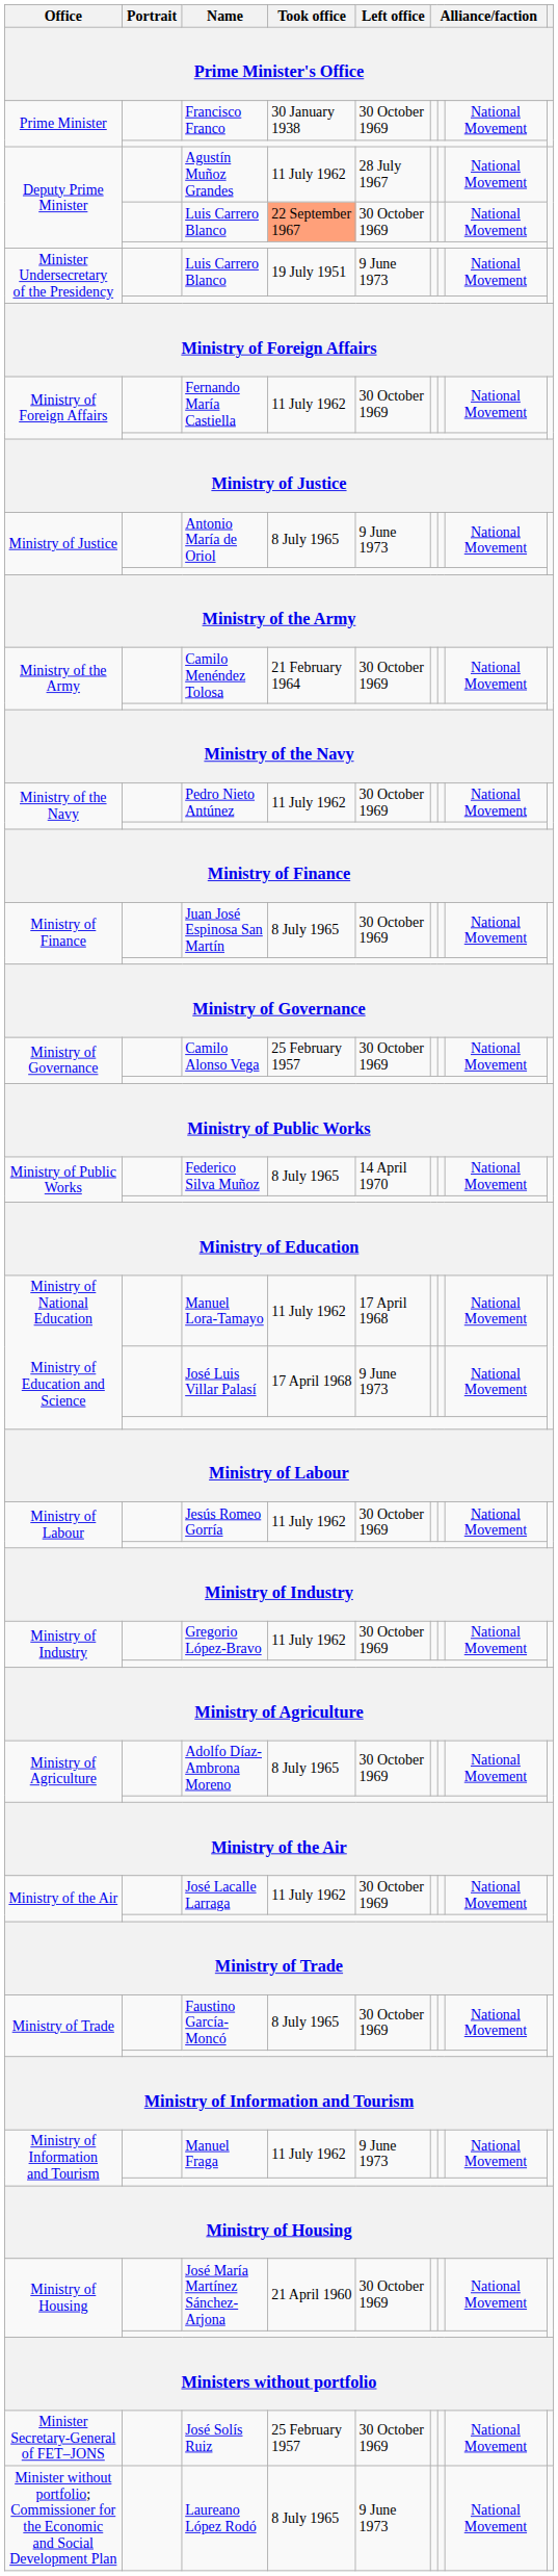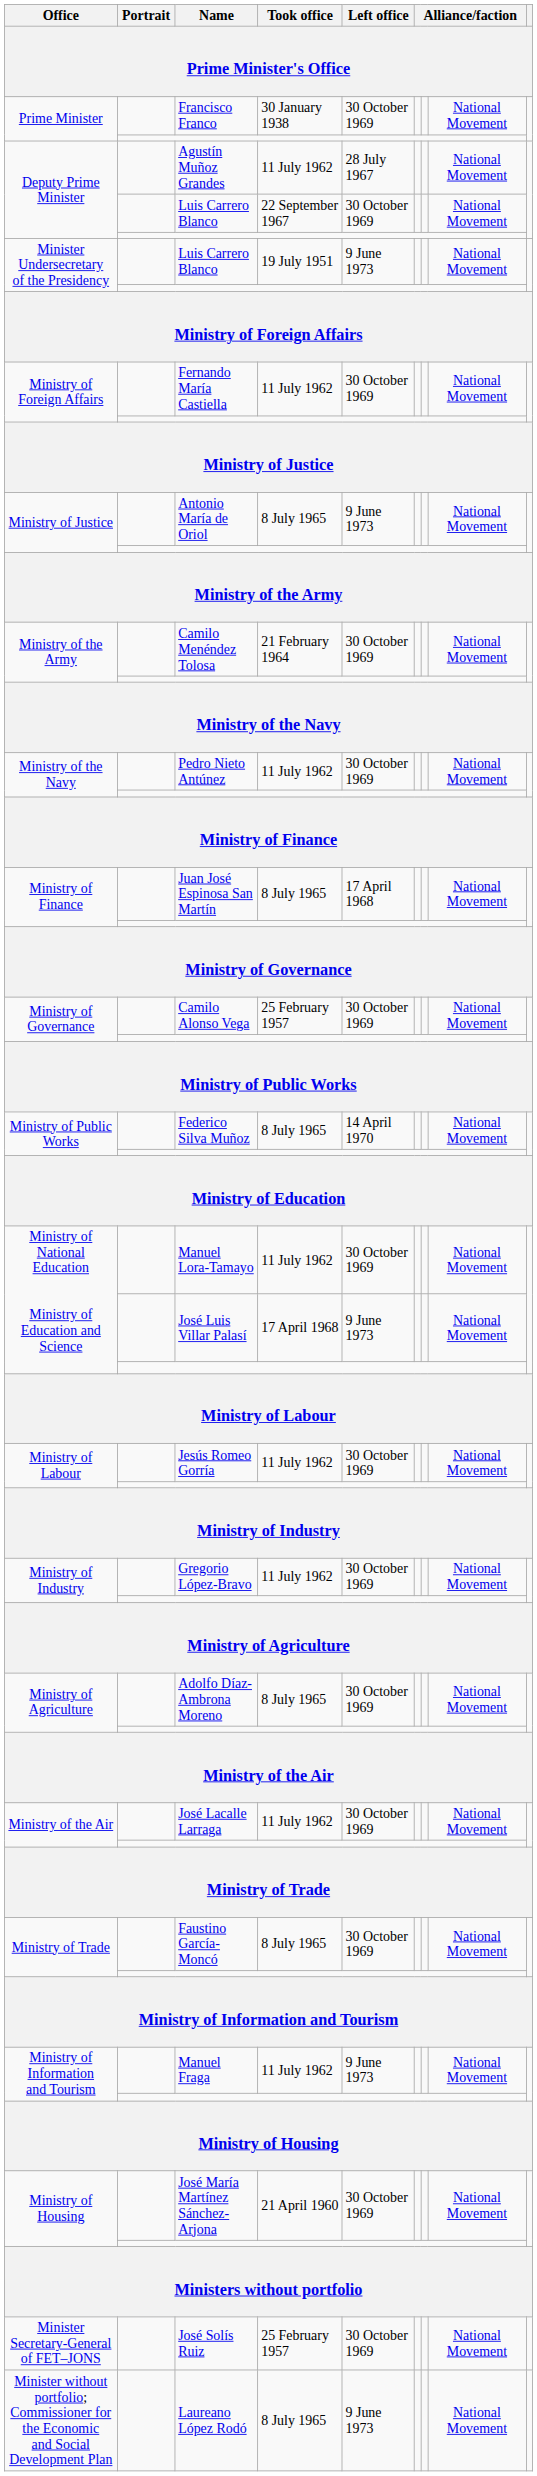 <table class="wikitable" style="line-height:18px;">
 <tr>
 <th scope="col">Office<br></th>
 <th scope="col">Portrait</th>
 <th scope="col">Name</th>
 <th scope="col">Took office</th>
 <th scope="col">Left office</th>
 <th colspan="3" scope="col">Alliance/faction</th>
 <th></th>
 </tr>
 <tr>
 <th colspan="9"><br><h3><a href='#'>Prime Minister's Office</a></h3></th>
 </tr>
 <tr>
 <td align="center" rowspan="2" width="250"><a href='#'>Prime Minister</a><br></td>
 <td width="80"></td>
 <td width="200"><a href='#'>Francisco Franco</a></td>
 <td width="200">30 January 1938</td>
 <td>30 October 1969</td>
 <td width="1" style="background-color:"></td>
 <td width="1" style="background-color:"></td>
 <td width="175" align="center"><a href='#'>National Movement</a><br></td>
 <td align="center" rowspan="2"></td>
 </tr>
 <tr>
 <td colspan="7"></td>
 </tr>
 <tr>
 <td align="center" rowspan="3"><a href='#'>Deputy Prime Minister</a><br></td>
 <td></td>
 <td><a href='#'>Agustín Muñoz Grandes</a></td>
 <td>11 July 1962</td>
 <td>28 July 1967</td>
 <td style="background-color:"></td>
 <td style="background-color:"></td>
 <td align="center"><a href='#'>National Movement</a><br></td>
 <td align="center" rowspan="3"></td>
 </tr>
 <tr>
 <td></td>
 <td><a href='#'>Luis Carrero Blanco</a></td>
-<td style="background: lightsalmon;">22 September 1967</td>
+<td>22 September 1967</td>
 <td>30 October 1969</td>
 <td style="background-color:"></td>
 <td style="background-color:"></td>
 <td align="center"><a href='#'>National Movement</a><br></td>
 </tr>
 <tr>
 <td colspan="7"></td>
 </tr>
 <tr>
 <td align="center" rowspan="2"><a href='#'>Minister Undersecretary<br>of the Presidency</a><br></td>
 <td></td>
 <td><a href='#'>Luis Carrero Blanco</a></td>
 <td>19 July 1951</td>
 <td>9 June 1973</td>
 <td style="background-color:"></td>
 <td style="background-color:"></td>
 <td align="center"><a href='#'>National Movement</a><br></td>
 <td align="center" rowspan="2"></td>
 </tr>
 <tr>
 <td colspan="7"></td>
 </tr>
 <tr>
 <th colspan="9"><br><h3><a href='#'>Ministry of Foreign Affairs</a></h3></th>
 </tr>
 <tr>
 <td align="center" rowspan="2"><a href='#'>Ministry of Foreign Affairs</a><br></td>
 <td></td>
 <td><a href='#'>Fernando María Castiella</a></td>
 <td>11 July 1962</td>
 <td>30 October 1969</td>
 <td style="background-color:"></td>
 <td style="background-color:"></td>
 <td align="center"><a href='#'>National Movement</a><br></td>
 <td align="center" rowspan="2"><br></td>
 </tr>
 <tr>
 <td colspan="7"></td>
 </tr>
 <tr>
 <th colspan="9"><br><h3><a href='#'>Ministry of Justice</a></h3></th>
 </tr>
 <tr>
 <td align="center" rowspan="2"><a href='#'>Ministry of Justice</a><br></td>
 <td></td>
 <td><a href='#'>Antonio María de Oriol</a></td>
 <td>8 July 1965</td>
 <td>9 June 1973</td>
 <td style="background-color:"></td>
 <td style="background-color:"></td>
 <td align="center"><a href='#'>National Movement</a><br></td>
 <td align="center" rowspan="2"></td>
 </tr>
 <tr>
 <td colspan="7"></td>
 </tr>
 <tr>
 <th colspan="9"><br><h3><a href='#'>Ministry of the Army</a></h3></th>
 </tr>
 <tr>
 <td align="center" rowspan="2"><a href='#'>Ministry of the Army</a><br></td>
 <td></td>
 <td><a href='#'>Camilo Menéndez Tolosa</a></td>
 <td>21 February 1964</td>
 <td>30 October 1969</td>
 <td style="background-color:"></td>
 <td style="background-color:"></td>
 <td align="center"><a href='#'>National Movement</a><br></td>
 <td align="center" rowspan="2"></td>
 </tr>
 <tr>
 <td colspan="7"></td>
 </tr>
 <tr>
 <th colspan="9"><br><h3><a href='#'>Ministry of the Navy</a></h3></th>
 </tr>
 <tr>
 <td align="center" rowspan="2"><a href='#'>Ministry of the Navy</a><br></td>
 <td></td>
 <td><a href='#'>Pedro Nieto Antúnez</a></td>
 <td>11 July 1962</td>
 <td>30 October 1969</td>
 <td style="background-color:"></td>
 <td style="background-color:"></td>
 <td align="center"><a href='#'>National Movement</a><br></td>
 <td align="center" rowspan="2"></td>
 </tr>
 <tr>
 <td colspan="7"></td>
 </tr>
 <tr>
 <th colspan="9"><br><h3><a href='#'>Ministry of Finance</a></h3></th>
 </tr>
 <tr>
 <td align="center" rowspan="2"><a href='#'>Ministry of Finance</a><br></td>
 <td></td>
 <td><a href='#'>Juan José Espinosa San Martín</a></td>
 <td>8 July 1965</td>
-<td>30 October 1969</td>
+<td>17 April 1968</td>
 <td style="background-color:"></td>
 <td style="background-color:"></td>
 <td align="center"><a href='#'>National Movement</a><br></td>
 <td align="center" rowspan="2"><br></td>
 </tr>
 <tr>
 <td colspan="7"></td>
 </tr>
 <tr>
 <th colspan="9"><br><h3><a href='#'>Ministry of Governance</a></h3></th>
 </tr>
 <tr>
 <td align="center" rowspan="2"><a href='#'>Ministry of Governance</a><br></td>
 <td></td>
 <td><a href='#'>Camilo Alonso Vega</a></td>
 <td>25 February 1957</td>
 <td>30 October 1969</td>
 <td style="background-color:"></td>
 <td style="background-color:"></td>
 <td align="center"><a href='#'>National Movement</a><br></td>
 <td align="center" rowspan="2"></td>
 </tr>
 <tr>
 <td colspan="7"></td>
 </tr>
 <tr>
 <th colspan="9"><br><h3><a href='#'>Ministry of Public Works</a></h3></th>
 </tr>
 <tr>
 <td align="center" rowspan="2"><a href='#'>Ministry of Public Works</a><br></td>
 <td></td>
 <td><a href='#'>Federico Silva Muñoz</a></td>
 <td>8 July 1965</td>
 <td>14 April 1970</td>
 <td style="background-color:"></td>
 <td style="background-color:"></td>
 <td align="center"><a href='#'>National Movement</a><br></td>
 <td align="center" rowspan="2"></td>
 </tr>
 <tr>
 <td colspan="7"></td>
 </tr>
 <tr>
 <th colspan="9"><br><h3><a href='#'>Ministry of Education</a></h3></th>
 </tr>
 <tr>
 <td align="center" rowspan="3"><a href='#'>Ministry of National Education</a><br><br><br><a href='#'>Ministry of Education and Science</a><br><br></td>
 <td></td>
 <td><a href='#'>Manuel Lora-Tamayo</a></td>
 <td>11 July 1962</td>
-<td>17 April 1968</td>
+<td>30 October 1969</td>
 <td style="background-color:"></td>
 <td style="background-color:"></td>
 <td align="center"><a href='#'>National Movement</a><br></td>
 <td align="center" rowspan="3"><br></td>
 </tr>
 <tr>
 <td></td>
 <td><a href='#'>José Luis Villar Palasí</a></td>
 <td>17 April 1968</td>
 <td>9 June 1973</td>
 <td style="background-color:"></td>
 <td style="background-color:"></td>
 <td align="center"><a href='#'>National Movement</a><br></td>
 </tr>
 <tr>
 <td colspan="7"></td>
 </tr>
 <tr>
 <th colspan="9"><br><h3><a href='#'>Ministry of Labour</a></h3></th>
 </tr>
 <tr>
 <td align="center" rowspan="2"><a href='#'>Ministry of Labour</a><br></td>
 <td></td>
 <td><a href='#'>Jesús Romeo Gorría</a></td>
 <td>11 July 1962</td>
 <td>30 October 1969</td>
 <td style="background-color:"></td>
 <td style="background-color:"></td>
 <td align="center"><a href='#'>National Movement</a><br></td>
 <td align="center" rowspan="2"></td>
 </tr>
 <tr>
 <td colspan="7"></td>
 </tr>
 <tr>
 <th colspan="9"><br><h3><a href='#'>Ministry of Industry</a></h3></th>
 </tr>
 <tr>
 <td align="center" rowspan="2"><a href='#'>Ministry of Industry</a><br></td>
 <td></td>
 <td><a href='#'>Gregorio López-Bravo</a></td>
 <td>11 July 1962</td>
 <td>30 October 1969</td>
 <td style="background-color:"></td>
 <td style="background-color:"></td>
 <td align="center"><a href='#'>National Movement</a><br></td>
 <td align="center" rowspan="2"><br></td>
 </tr>
 <tr>
 <td colspan="7"></td>
 </tr>
 <tr>
 <th colspan="9"><br><h3><a href='#'>Ministry of Agriculture</a></h3></th>
 </tr>
 <tr>
 <td align="center" rowspan="2"><a href='#'>Ministry of Agriculture</a><br></td>
 <td></td>
 <td><a href='#'>Adolfo Díaz-Ambrona Moreno</a></td>
 <td>8 July 1965</td>
 <td>30 October 1969</td>
 <td style="background-color:"></td>
 <td style="background-color:"></td>
 <td align="center"><a href='#'>National Movement</a><br></td>
 <td align="center" rowspan="2"></td>
 </tr>
 <tr>
 <td colspan="7"></td>
 </tr>
 <tr>
 <th colspan="9"><br><h3><a href='#'>Ministry of the Air</a></h3></th>
 </tr>
 <tr>
 <td align="center" rowspan="2"><a href='#'>Ministry of the Air</a><br></td>
 <td></td>
 <td><a href='#'>José Lacalle Larraga</a></td>
 <td>11 July 1962</td>
 <td>30 October 1969</td>
 <td style="background-color:"></td>
 <td style="background-color:"></td>
 <td align="center"><a href='#'>National Movement</a><br></td>
 <td align="center" rowspan="2"></td>
 </tr>
 <tr>
 <td colspan="7"></td>
 </tr>
 <tr>
 <th colspan="9"><br><h3><a href='#'>Ministry of Trade</a></h3></th>
 </tr>
 <tr>
 <td align="center" rowspan="2"><a href='#'>Ministry of Trade</a><br></td>
 <td></td>
 <td><a href='#'>Faustino García-Moncó</a></td>
 <td>8 July 1965</td>
 <td>30 October 1969</td>
 <td style="background-color:"></td>
 <td style="background-color:"></td>
 <td align="center"><a href='#'>National Movement</a><br></td>
 <td align="center" rowspan="2"></td>
 </tr>
 <tr>
 <td colspan="7"></td>
 </tr>
 <tr>
 <th colspan="9"><br><h3><a href='#'>Ministry of Information and Tourism</a></h3></th>
 </tr>
 <tr>
 <td align="center" rowspan="2"><a href='#'>Ministry of Information<br>and Tourism</a><br></td>
 <td></td>
 <td><a href='#'>Manuel Fraga</a></td>
 <td>11 July 1962</td>
 <td width="200">9 June 1973</td>
 <td style="background-color:"></td>
 <td style="background-color:"></td>
 <td align="center"><a href='#'>National Movement</a><br></td>
 <td align="center" rowspan="2"></td>
 </tr>
 <tr>
 <td colspan="7"></td>
 </tr>
 <tr>
 <th colspan="9"><br><h3><a href='#'>Ministry of Housing</a></h3></th>
 </tr>
 <tr>
 <td align="center" rowspan="2"><a href='#'>Ministry of Housing</a><br></td>
 <td></td>
 <td><a href='#'>José María Martínez<br>Sánchez-Arjona</a></td>
 <td>21 April 1960</td>
 <td>30 October 1969</td>
 <td style="background-color:"></td>
 <td style="background-color:"></td>
 <td align="center"><a href='#'>National Movement</a><br></td>
 <td align="center" rowspan="2"></td>
 </tr>
 <tr>
 <td colspan="7"></td>
 </tr>
 <tr>
 <th colspan="9"><br><h3><a href='#'>Ministers without portfolio</a></h3></th>
 </tr>
 <tr>
 <td align="center"><a href='#'>Minister Secretary-General<br>of FET–JONS</a><br></td>
 <td></td>
 <td><a href='#'>José Solís Ruiz</a></td>
 <td>25 February 1957</td>
 <td>30 October 1969</td>
 <td style="background-color:"></td>
 <td style="background-color:"></td>
 <td align="center"><a href='#'>National Movement</a><br></td>
 <td align="center"></td>
 </tr>
 <tr>
 <td align="center"><a href='#'>Minister without portfolio</a>;<br><a href='#'>Commissioner for the Economic<br>and Social Development Plan</a><br></td>
 <td></td>
 <td><a href='#'>Laureano López Rodó</a></td>
 <td>8 July 1965</td>
 <td>9 June 1973</td>
 <td style="background-color:"></td>
 <td style="background-color:"></td>
 <td align="center"><a href='#'>National Movement</a><br></td>
 <td align="center"></td>
 </tr>
 </table>
